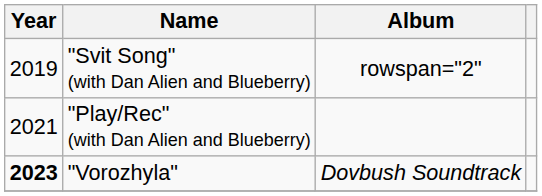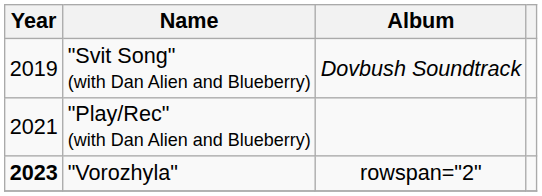 <table class="wikitable" style="text-align:center">
 <tr>
 <th>Year</th>
 <th>Name</th>
 <th>Album</th>
 <th class="unsortable"></th>
 </tr>
 <tr>
 <td>2019</td>
 <td align=left>"Svit Song"<br><small>(with Dan Alien and Blueberry)</small></td>
-<td>rowspan="2" </td>
+<td><em>Dovbush Soundtrack</em></td>
 <td></td>
 </tr>
 <tr>
 <td>2021</td>
 <td align=left>"Play/Rec"<br><small>(with Dan Alien and Blueberry)</small></td>
 <td></td>
 </tr>
 <tr>
 <td><strong>2023</strong></td>
 <td align=left>"Vorozhyla"</td>
-<td><em>Dovbush Soundtrack</em></td>
+<td>rowspan="2" </td>
 <td></td>
 </tr>
 <tr>
 </tr>
 </table>
